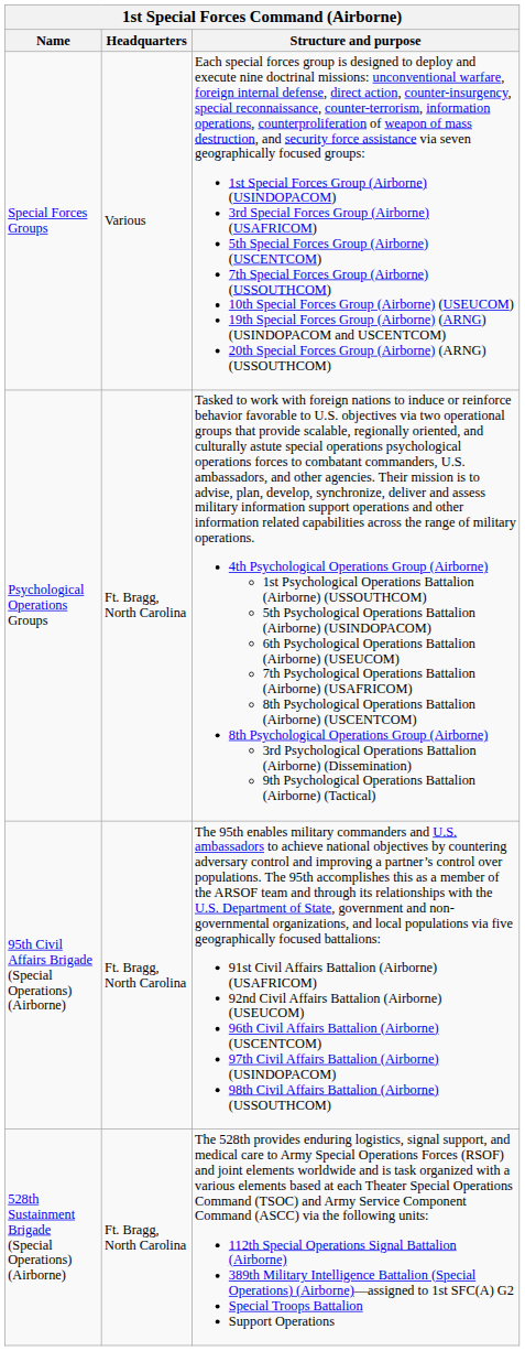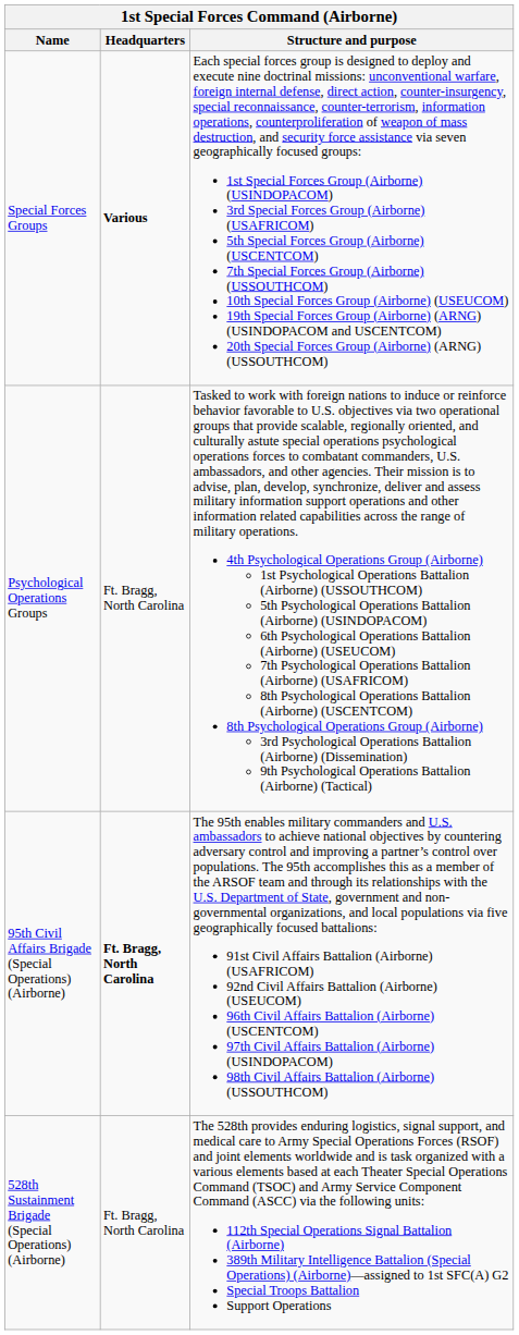 <table class="wikitable">
 <tr>
 <th colspan="3"> <big>1st Special Forces Command (Airborne)</big></th>
 </tr>
 <tr>
 <th>Name</th>
 <th>Headquarters</th>
 <th>Structure and purpose</th>
 </tr>
 <tr>
 <td><a href='#'>Special Forces Groups</a></td>
-<td>Various</td>
+<td><strong>Various</strong></td>
 <td>Each special forces group is designed to deploy and execute nine doctrinal missions: <a href='#'>unconventional warfare</a>, <a href='#'>foreign internal defense</a>, <a href='#'>direct action</a>, <a href='#'>counter-insurgency</a>, <a href='#'>special reconnaissance</a>, <a href='#'>counter-terrorism</a>, <a href='#'>information operations</a>, <a href='#'>counterproliferation</a> of <a href='#'>weapon of mass destruction</a>, and <a href='#'>security force assistance</a> via seven geographically focused groups:<br><ul><li>  <a href='#'>1st Special Forces Group (Airborne)</a> (<a href='#'>USINDOPACOM</a>)</li><li>  <a href='#'>3rd Special Forces Group (Airborne)</a> (<a href='#'>USAFRICOM</a>)</li><li>  <a href='#'>5th Special Forces Group (Airborne)</a> (<a href='#'>USCENTCOM</a>)</li><li>  <a href='#'>7th Special Forces Group (Airborne)</a> (<a href='#'>USSOUTHCOM</a>)</li><li>  <a href='#'>10th Special Forces Group (Airborne)</a> (<a href='#'>USEUCOM</a>)</li><li>  <a href='#'>19th Special Forces Group (Airborne)</a> (<a href='#'>ARNG</a>) (USINDOPACOM and USCENTCOM)</li><li>  <a href='#'>20th Special Forces Group (Airborne)</a> (ARNG) (USSOUTHCOM)</li></ul></td>
 </tr>
 <tr>
 <td><a href='#'>Psychological Operations</a> Groups</td>
 <td>Ft. Bragg, North Carolina</td>
 <td>Tasked to work with foreign nations to induce or reinforce behavior favorable to U.S. objectives via two operational groups that provide scalable, regionally oriented, and culturally astute special operations psychological operations forces to combatant commanders, U.S. ambassadors, and other agencies.  Their mission is to advise, plan, develop, synchronize, deliver and assess military information support operations and other information related capabilities across the range of military operations.<br><ul><li>  <a href='#'>4th Psychological Operations Group (Airborne)</a><ul><li>  1st Psychological Operations Battalion (Airborne) (USSOUTHCOM)</li><li>  5th Psychological Operations Battalion (Airborne) (USINDOPACOM)</li><li>  6th Psychological Operations Battalion (Airborne) (USEUCOM)</li><li>  7th Psychological Operations Battalion (Airborne) (USAFRICOM)</li><li>  8th Psychological Operations Battalion (Airborne) (USCENTCOM)</li></ul></li><li>  <a href='#'>8th Psychological Operations Group (Airborne)</a><ul><li>  3rd Psychological Operations Battalion (Airborne) (Dissemination)</li><li>  9th Psychological Operations Battalion (Airborne) (Tactical)</li></ul></li></ul></td>
 </tr>
 <tr>
 <td>  <a href='#'>95th Civil Affairs Brigade</a> (Special Operations) (Airborne)</td>
-<td>Ft. Bragg, North Carolina</td>
+<td><strong>Ft. Bragg, North Carolina</strong></td>
 <td>The 95th enables military commanders and <a href='#'>U.S. ambassadors</a> to achieve national objectives by countering adversary control and improving a partner’s control over populations. The 95th accomplishes this as a member of the ARSOF team and through its relationships with the <a href='#'>U.S. Department of State</a>, government and non-governmental organizations, and local populations via five geographically focused battalions:<br><ul><li>  91st Civil Affairs Battalion (Airborne) (USAFRICOM)</li><li>  92nd Civil Affairs Battalion (Airborne) (USEUCOM)</li><li>  <a href='#'>96th Civil Affairs Battalion (Airborne)</a> (USCENTCOM)</li><li>  <a href='#'>97th Civil Affairs Battalion (Airborne)</a> (USINDOPACOM)</li><li>  <a href='#'>98th Civil Affairs Battalion (Airborne)</a> (USSOUTHCOM)</li></ul></td>
 </tr>
 <tr>
 <td>  <a href='#'>528th Sustainment Brigade</a> (Special Operations) (Airborne)</td>
 <td>Ft. Bragg, North Carolina</td>
 <td>The 528th provides enduring logistics, signal support, and medical care to Army Special Operations Forces (RSOF) and joint elements worldwide and is task organized with a various elements based at each Theater Special Operations Command (TSOC) and Army Service Component Command (ASCC) via the following units:<br><ul><li>  <a href='#'>112th Special Operations Signal Battalion (Airborne)</a></li><li>  <a href='#'>389th Military Intelligence Battalion (Special Operations) (Airborne)</a>—assigned to 1st SFC(A) G2</li><li>   <a href='#'>Special Troops Battalion</a></li><li>  Support Operations</li></ul></td>
 </tr>
 </table>
